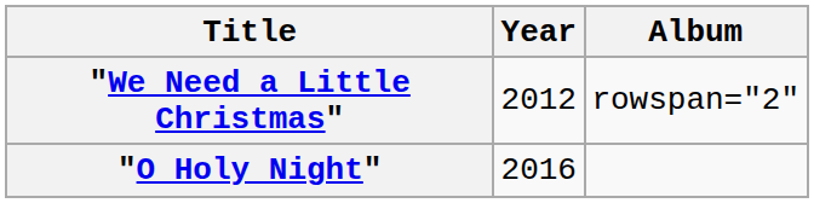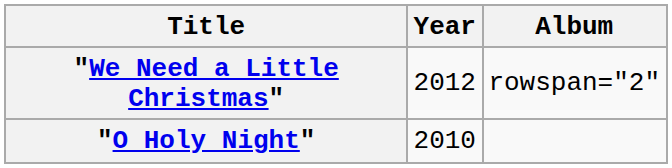 <table class="wikitable plainrowheaders" style=text-align:center>
 <tr>
 <th scope="col" style="width:15em;">Title</th>
 <th scope="col">Year</th>
 <th scope="col">Album</th>
 </tr>
 <tr>
 <th scope="row">"<a href='#'>We Need a Little Christmas</a>"</th>
 <td>2012</td>
 <td>rowspan="2" </td>
 </tr>
 <tr>
 <th scope="row">"<a href='#'>O Holy Night</a>"</th>
-<td>2016</td>
+<td>2010</td>
 </tr>
 <tr>
 </tr>
 </table>
